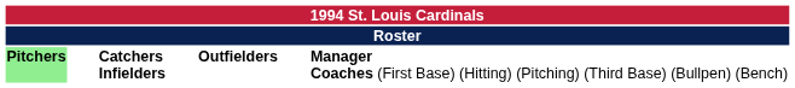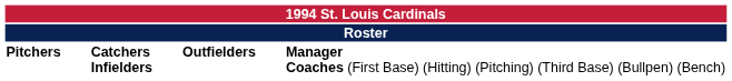 <table class="toccolours" style="font-size: 95%;">
 <tr>
 <th colspan="10" style="background-color: #c41e3a; color: #FFFFFF; text-align: center;">1994 St. Louis Cardinals</th>
 </tr>
 <tr>
 <td colspan="10" style="background-color: #0a2252; color: #FFFFFF; text-align: center;"><strong>Roster</strong></td>
 </tr>
 <tr>
-<td valign="top" style="background: lightgreen;"><strong>Pitchers</strong><br>                 </td>
+<td valign="top"><strong>Pitchers</strong><br>                 </td>
 <td width="25px"></td>
 <td valign="top"><strong>Catchers</strong><br>   <strong>Infielders</strong>          </td>
 <td width="25px"></td>
 <td valign="top"><strong>Outfielders</strong><br>     </td>
 <td width="25px"></td>
 <td valign="top"><strong>Manager</strong><br> <strong>Coaches</strong>  (First Base)  (Hitting)  (Pitching)  (Third Base)  (Bullpen)  (Bench)</td>
 </tr>
 </table>
